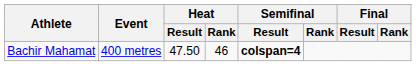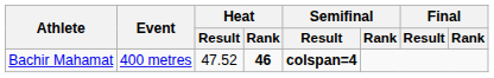 <table class="wikitable" style="font-size:90%">
 <tr>
 <th rowspan="2">Athlete</th>
 <th rowspan="2">Event</th>
 <th colspan="2">Heat</th>
 <th colspan="2">Semifinal</th>
 <th colspan="2">Final</th>
 </tr>
 <tr style="font-size:95%">
 <th>Result</th>
 <th>Rank</th>
 <th>Result</th>
 <th>Rank</th>
 <th>Result</th>
 <th>Rank</th>
 </tr>
 <tr style=text-align:center>
 <td style=text-align:left><a href='#'>Bachir Mahamat</a></td>
 <td style=text-align:left><a href='#'>400 metres</a></td>
-<td>47.50</td>
-<td>46</td>
+<td>47.52</td>
+<td><strong>46</strong></td>
 <td><strong>colspan=4 </strong></td>
 </tr>
 </table>
